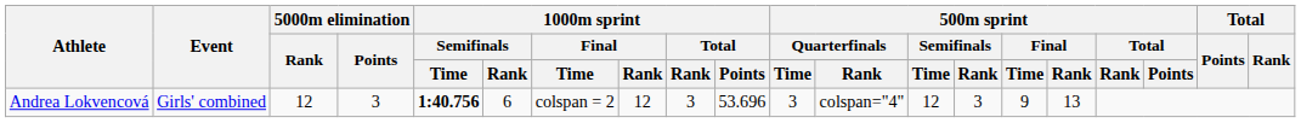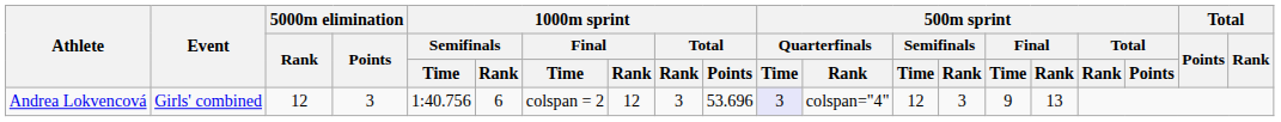 <table class="wikitable" style="text-align:center; font-size:90%;">
 <tr>
 <th rowspan="3">Athlete</th>
 <th rowspan="3">Event</th>
 <th colspan="2">5000m elimination</th>
 <th colspan="6">1000m sprint</th>
 <th colspan="8">500m sprint</th>
 <th colspan="2">Total</th>
 </tr>
 <tr style="font-size:95%;">
 <th rowspan="2">Rank</th>
 <th rowspan="2">Points</th>
 <th colspan="2">Semifinals</th>
 <th colspan="2">Final</th>
 <th colspan="2">Total</th>
 <th colspan="2">Quarterfinals</th>
 <th colspan="2">Semifinals</th>
 <th colspan="2">Final</th>
 <th colspan="2">Total</th>
 <th rowspan="2">Points</th>
 <th rowspan="2">Rank</th>
 </tr>
 <tr>
 <th>Time</th>
 <th>Rank</th>
 <th>Time</th>
 <th>Rank</th>
 <th>Rank</th>
 <th>Points</th>
 <th>Time</th>
 <th>Rank</th>
 <th>Time</th>
 <th>Rank</th>
 <th>Time</th>
 <th>Rank</th>
 <th>Rank</th>
 <th>Points</th>
 </tr>
 <tr>
 <td><a href='#'>Andrea Lokvencová</a></td>
 <td><a href='#'>Girls' combined</a></td>
 <td>12</td>
 <td>3</td>
-<td><strong>1:40.756</strong></td>
+<td>1:40.756</td>
 <td>6</td>
 <td>colspan = 2 </td>
 <td>12</td>
 <td>3</td>
 <td>53.696</td>
-<td>3</td>
+<td style="background: lavender;">3</td>
 <td>colspan="4" </td>
 <td>12</td>
 <td>3</td>
 <td>9</td>
 <td>13</td>
 </tr>
 </table>
